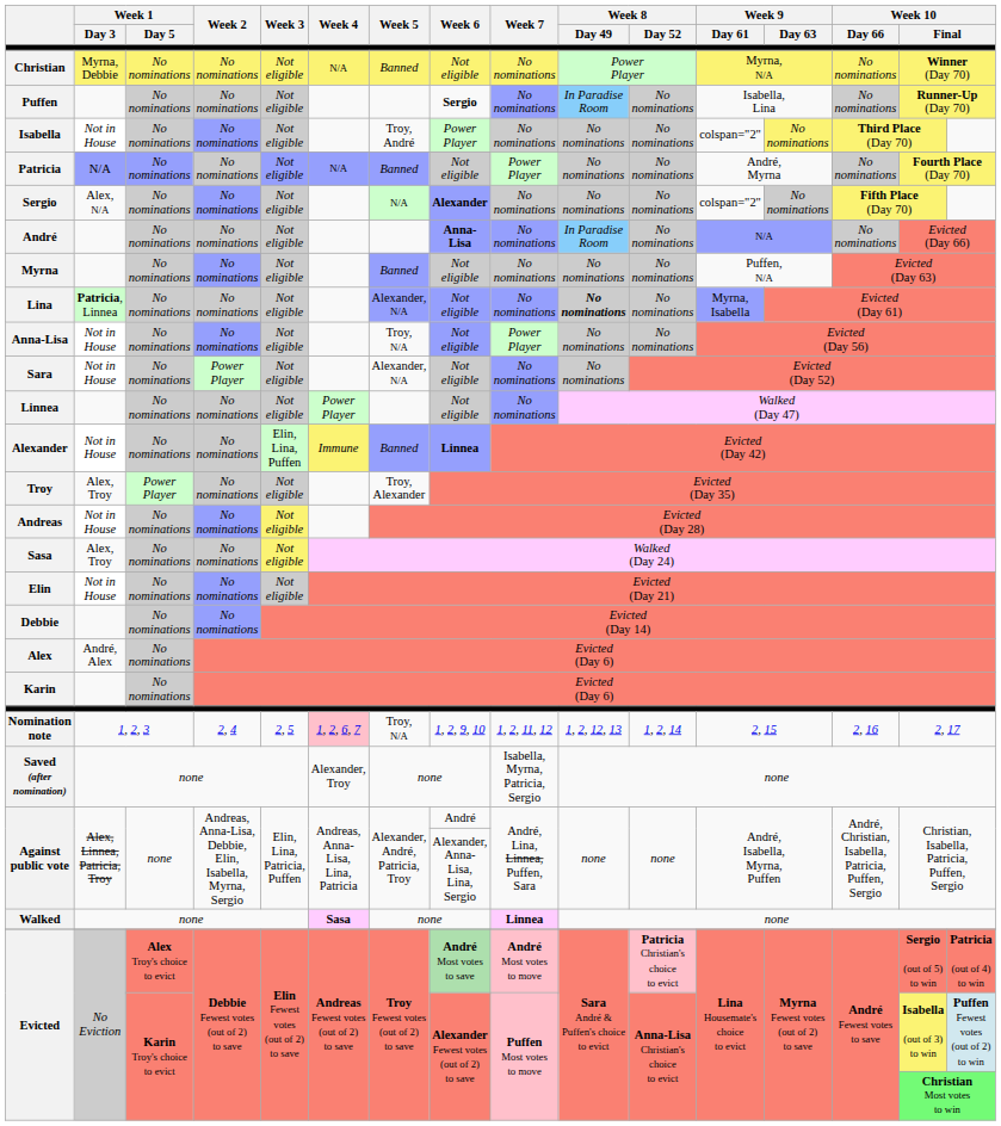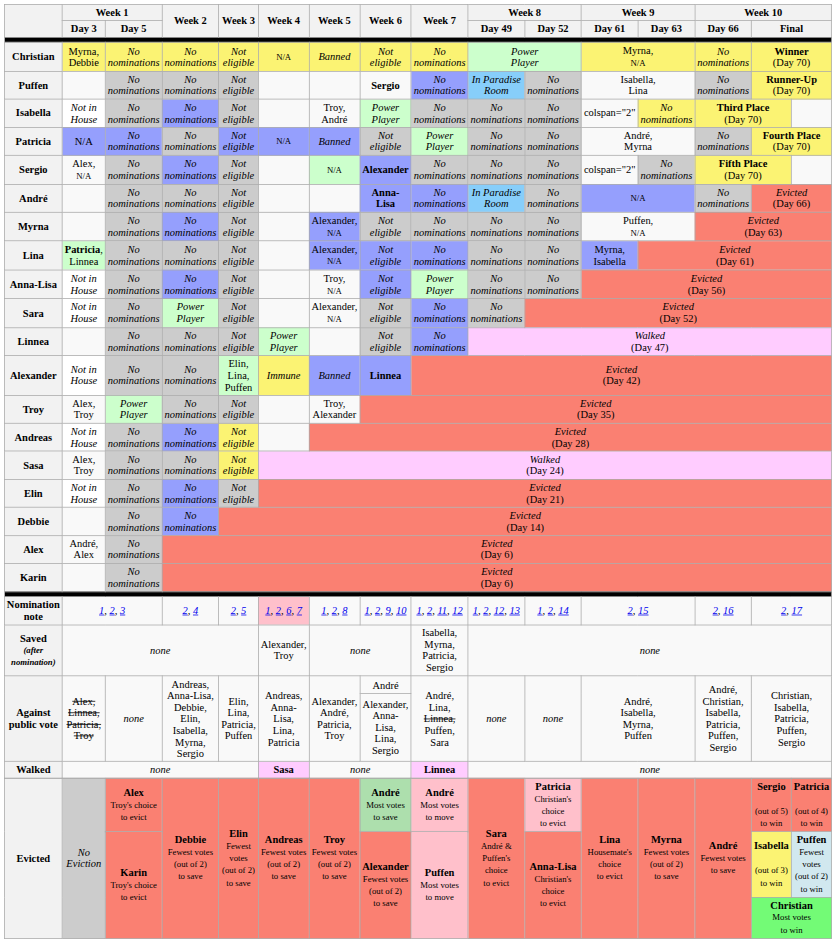 <table class="wikitable" style="text-align:center; font-size:85%; line-height:15px; width:100%">
 <tr>
 <th rowspan="2" style="width:5%"></th>
 <th colspan="2" style="width:5%">Week 1</th>
 <th rowspan="2" style="width:5%">Week 2</th>
 <th rowspan="2" style="width:5%">Week 3</th>
 <th rowspan="2" style="width:5%">Week 4</th>
 <th rowspan="2" style="width:5%">Week 5</th>
 <th rowspan="2" style="width:5%">Week 6</th>
 <th rowspan="2" style="width:5%">Week 7</th>
 <th colspan="2" style="width:5%">Week 8</th>
 <th colspan="2" style="width:5%">Week 9</th>
 <th colspan="3" style="width:5%">Week 10</th>
 </tr>
 <tr>
 <th style="width: 5%;">Day 3</th>
 <th style="width: 5%;">Day 5</th>
 <th style="width: 5%;">Day 49</th>
 <th style="width: 5%;">Day 52</th>
 <th style="width: 5%;">Day 61</th>
 <th style="width: 5%;">Day 63</th>
 <th style="width: 5%;">Day 66</th>
 <th colspan="2" style="width: 5%;">Final</th>
 </tr>
 <tr>
 <th colspan="16" style="background:#000"></th>
 </tr>
 <tr>
 <th>Christian</th>
 <td style="background:#FBF373">Myrna,<br>Debbie</td>
 <td style="background:#FBF373"><em>No<br>nominations</em></td>
 <td style="background:#FBF373"><em>No<br>nominations</em></td>
 <td style="background:#FBF373"><em>Not<br>eligible</em></td>
 <td style="background:#FBF373"><small>N/A</small></td>
 <td style="background:#FBF373"><em>Banned</em></td>
 <td style="background:#FBF373"><em>Not<br>eligible</em></td>
 <td style="background:#FBF373"><em>No<br>nominations</em></td>
 <td style="background:#cfc" colspan=2><em>Power<br>Player</em></td>
 <td style="background:#FBF373" colspan="2">Myrna,<br><small>N/A</small></td>
 <td style="background:#FBF373"><em>No<br>nominations</em></td>
 <td style="background:#FBF373" colspan="2"><strong>Winner</strong><br>(Day 70)</td>
 </tr>
 <tr>
 <th>Puffen</th>
 <td></td>
 <td style="background:#ccc"><em>No<br>nominations</em></td>
 <td style="background:#ccc"><em>No<br>nominations</em></td>
 <td style="background:#ccc"><em>Not<br>eligible</em></td>
 <td></td>
 <td></td>
 <td><strong>Sergio</strong></td>
 <td style="background:#959ffd"><em>No<br>nominations</em></td>
 <td style="background:#87CEFA"><em>In Paradise Room</em></td>
 <td style="background:#ccc"><em>No<br>nominations</em></td>
 <td colspan="2">Isabella,<br>Lina</td>
 <td style="background:#ccc"><em>No<br>nominations</em></td>
 <td style="background:#FBF373" colspan="2"><strong>Runner-Up</strong><br>(Day 70)</td>
 </tr>
 <tr>
 <th>Isabella</th>
 <td style=background:white><em>Not in<br>House</em></td>
 <td style="background:#ccc"><em>No<br>nominations</em></td>
 <td style="background:#959ffd"><em>No<br>nominations</em></td>
 <td style="background:#ccc"><em>Not<br>eligible</em></td>
 <td></td>
 <td>Troy,<br>André</td>
 <td style="background:#cfc"><em>Power<br>Player</em></td>
 <td style="background:#ccc"><em>No<br>nominations</em></td>
 <td style="background:#ccc"><em>No<br>nominations</em></td>
 <td style="background:#ccc"><em>No<br>nominations</em></td>
 <td>colspan="2" </td>
 <td style="background:#FBF373"><em>No<br>nominations</em></td>
 <td style="background:#FBF373" colspan="2"><strong>Third Place</strong><br>(Day 70)</td>
 </tr>
 <tr>
 <th>Patricia</th>
 <td style="background:#959ffd">N/A</td>
 <td style="background:#959ffd"><em>No<br>nominations</em></td>
 <td style="background:#CCCCCC"><em>No<br>nominations</em></td>
 <td style="background:#959ffd"><em>Not<br>eligible</em></td>
 <td style="background:#959ffd"><small>N/A</small></td>
 <td style="background:#959FFD"><em>Banned</em></td>
 <td style="background:#ccc"><em>Not<br>eligible</em></td>
 <td style="background:#cfc"><em>Power<br>Player</em></td>
 <td style="background:#ccc"><em>No<br>nominations</em></td>
 <td style="background:#ccc"><em>No<br>nominations</em></td>
 <td colspan="2">André,<br>Myrna</td>
 <td style="background:#ccc"><em>No<br>nominations</em></td>
 <td style="background:#FBF373" colspan="2"><strong>Fourth Place</strong><br>(Day 70)</td>
 </tr>
 <tr>
 <th>Sergio</th>
 <td>Alex,<br><small>N/A</small></td>
 <td style="background:#ccc"><em>No<br>nominations</em></td>
 <td style="background:#959ffd"><em>No<br>nominations</em></td>
 <td style="background:#ccc"><em>Not<br>eligible</em></td>
 <td></td>
 <td style="background:#cfc"><small>N/A</small></td>
 <td style="background:#959ffd"><strong>Alexander</strong></td>
 <td style="background:#ccc"><em>No<br>nominations</em></td>
 <td style="background:#ccc"><em>No<br>nominations</em></td>
 <td style="background:#ccc"><em>No<br>nominations</em></td>
 <td>colspan="2" </td>
 <td style="background:#ccc"><em>No<br>nominations</em></td>
 <td style="background:#FBF373" colspan="2"><strong>Fifth Place</strong><br>(Day 70)</td>
 </tr>
 <tr>
 <th>André</th>
 <td></td>
 <td style="background:#ccc"><em>No<br>nominations</em></td>
 <td style="background:#ccc"><em>No<br>nominations</em></td>
 <td style="background:#ccc"><em>Not<br>eligible</em></td>
 <td></td>
 <td></td>
 <td style="background:#959ffd"><strong>Anna-Lisa</strong></td>
 <td style="background:#959ffd"><em>No<br>nominations</em></td>
 <td style="background:#87CEFA"><em>In Paradise Room</em></td>
 <td style="background:#ccc"><em>No<br>nominations</em></td>
 <td style="background:#959FFD" colspan="2"><small>N/A</small></td>
 <td style="background:#ccc"><em>No<br>nominations</em></td>
 <td colspan="2" bgcolor="salmon"><em>Evicted</em><br>(Day 66)</td>
 </tr>
 <tr>
 <th>Myrna</th>
 <td></td>
 <td style="background:#ccc"><em>No<br>nominations</em></td>
 <td style="background:#959ffd"><em>No<br>nominations</em></td>
 <td style="background:#ccc"><em>Not<br>eligible</em></td>
 <td></td>
-<td style="background:#959FFD"><em>Banned</em></td>
+<td style="background:#959ffd">Alexander,<br><small>N/A</small></td>
 <td style="background:#ccc"><em>Not<br>eligible</em></td>
 <td style="background:#ccc"><em>No<br>nominations</em></td>
 <td style="background:#ccc"><em>No<br>nominations</em></td>
 <td style="background:#ccc"><em>No<br>nominations</em></td>
 <td colspan="2">Puffen,<br><small>N/A</small></td>
 <td colspan=3 bgcolor="salmon"><em>Evicted</em><br>(Day 63)</td>
 </tr>
 <tr>
 <th>Lina</th>
 <td style="background:#cfc"><strong>Patricia</strong>,<br>Linnea</td>
 <td style="background:#ccc"><em>No<br>nominations</em></td>
 <td style="background:#ccc"><em>No<br>nominations</em></td>
 <td style="background:#ccc"><em>Not<br>eligible</em></td>
 <td></td>
 <td style="background:#959ffd">Alexander,<br><small>N/A</small></td>
 <td style="background:#959ffd"><em>Not<br>eligible</em></td>
 <td style="background:#959ffd"><em>No<br>nominations</em></td>
-<td style="background:#ccc"><strong><em>No<br>nominations</em></strong></td>
+<td style="background:#ccc"><em>No<br>nominations</em></td>
 <td style="background:#ccc"><em>No<br>nominations</em></td>
 <td style="background:#959FFD">Myrna,<br>Isabella</td>
 <td colspan=4 bgcolor="salmon"><em>Evicted</em><br>(Day 61)</td>
 </tr>
 <tr>
 <th>Anna-Lisa</th>
 <td style=background:white><em>Not in<br>House</em></td>
 <td style="background:#ccc"><em>No<br>nominations</em></td>
 <td style="background:#959ffd"><em>No<br>nominations</em></td>
 <td style="background:#ccc"><em>Not<br>eligible</em></td>
 <td></td>
 <td>Troy,<br><small>N/A</small></td>
 <td style="background:#959ffd"><em>Not<br>eligible</em></td>
 <td style="background:#cfc"><em>Power<br>Player</em></td>
 <td style="background:#ccc"><em>No<br>nominations</em></td>
 <td style="background:#ccc"><em>No<br>nominations</em></td>
 <td colspan=5 bgcolor="salmon"><em>Evicted</em><br>(Day 56)</td>
 </tr>
 <tr>
 <th>Sara</th>
 <td style=background:white><em>Not in<br>House</em></td>
 <td style="background:#ccc"><em>No<br>nominations</em></td>
 <td style="background:#cfc"><em>Power<br>Player</em></td>
 <td style="background:#ccc"><em>Not<br>eligible</em></td>
 <td></td>
 <td>Alexander,<br><small>N/A</small></td>
 <td style="background:#ccc"><em>Not<br>eligible</em></td>
 <td style="background:#959ffd"><em>No<br>nominations</em></td>
 <td style="background:#ccc"><em>No<br>nominations</em></td>
 <td colspan=6 bgcolor="salmon"><em>Evicted</em><br>(Day 52)</td>
 </tr>
 <tr>
 <th>Linnea</th>
 <td></td>
 <td style="background:#ccc"><em>No<br>nominations</em></td>
 <td style="background:#ccc"><em>No<br>nominations</em></td>
 <td style="background:#ccc"><em>Not<br>eligible</em></td>
 <td style="background:#cfc"><em>Power<br>Player</em></td>
 <td></td>
 <td style="background:#ccc"><em>Not<br>eligible</em></td>
 <td style="background:#959ffd"><em>No<br>nominations</em></td>
 <td colspan="7" style="background:#fcf"><em>Walked</em><br>(Day 47)</td>
 </tr>
 <tr>
 <th>Alexander</th>
 <td style=background:white><em>Not in<br>House</em></td>
 <td style="background:#ccc"><em>No<br>nominations</em></td>
 <td style="background:#ccc"><em>No<br>nominations</em></td>
 <td style="background:#cfc">Elin,<br>Lina,<br>Puffen</td>
 <td style="background:#FBF373"><em>Immune</em></td>
 <td style="background:#959FFD"><em>Banned</em></td>
 <td style="background:#959ffd"><strong>Linnea</strong></td>
 <td colspan=8 bgcolor="salmon"><em>Evicted</em><br>(Day 42)</td>
 </tr>
 <tr>
 <th>Troy</th>
 <td>Alex,<br>Troy</td>
 <td style="background:#cfc"><em>Power<br>Player</em></td>
 <td style="background:#ccc"><em>No<br>nominations</em></td>
 <td style="background:#ccc"><em>Not<br>eligible</em></td>
 <td></td>
 <td>Troy,<br>Alexander</td>
 <td colspan="9" bgcolor="salmon"><em>Evicted</em><br>(Day 35)</td>
 </tr>
 <tr>
 <th>Andreas</th>
 <td style=background:white><em>Not in<br>House</em></td>
 <td style="background:#ccc"><em>No<br>nominations</em></td>
 <td style="background:#959ffd"><em>No<br>nominations</em></td>
 <td style="background:#FBF373"><em>Not<br>eligible</em></td>
 <td></td>
 <td colspan="10" bgcolor="salmon"><em>Evicted</em><br>(Day 28)</td>
 </tr>
 <tr>
 <th>Sasa</th>
 <td>Alex,<br>Troy</td>
 <td style="background:#ccc"><em>No<br>nominations</em></td>
 <td style="background:#ccc"><em>No<br>nominations</em></td>
 <td style="background:#FBF373"><em>Not<br>eligible</em></td>
 <td colspan="11" style="background:#fcf"><em>Walked</em><br>(Day 24)</td>
 </tr>
 <tr>
 <th>Elin</th>
 <td style=background:white><em>Not in<br>House</em></td>
 <td style="background:#ccc"><em>No<br>nominations</em></td>
 <td style="background:#959ffd"><em>No<br>nominations</em></td>
 <td style="background:#ccc"><em>Not<br>eligible</em></td>
 <td colspan="11" bgcolor="salmon"><em>Evicted</em><br>(Day 21)</td>
 </tr>
 <tr>
 <th>Debbie</th>
 <td></td>
 <td style="background:#ccc"><em>No<br>nominations</em></td>
 <td style="background:#959ffd"><em>No<br>nominations</em></td>
 <td colspan="12" bgcolor="salmon"><em>Evicted</em><br>(Day 14)</td>
 </tr>
 <tr>
 <th>Alex</th>
 <td>André,<br>Alex</td>
 <td style="background:#ccc"><em>No<br>nominations</em></td>
 <td colspan="13" bgcolor="salmon"><em>Evicted</em><br>(Day 6)</td>
 </tr>
 <tr>
 <th>Karin</th>
 <td></td>
 <td style="background:#ccc"><em>No<br>nominations</em></td>
 <td colspan="13" bgcolor="salmon"><em>Evicted</em><br>(Day 6)</td>
 </tr>
 <tr>
 <th colspan="16" style="background:#000"></th>
 </tr>
 <tr>
 <th>Nomination<br>note</th>
 <td colspan=2><em><a href='#'>1</a>, <a href='#'>2</a>, <a href='#'>3</a></em></td>
 <td><em><a href='#'>2</a>, <a href='#'>4</a></em></td>
 <td><em><a href='#'>2</a>, <a href='#'>5</a></em></td>
 <td style="background: pink;"><em><a href='#'>1</a>, <a href='#'>2</a>, <a href='#'>6</a>, <a href='#'>7</a></em></td>
-<td>Troy,<br><small>N/A</small></td>
+<td><em><a href='#'>1</a>, <a href='#'>2</a>, <a href='#'>8</a></em></td>
 <td><em><a href='#'>1</a>, <a href='#'>2</a>, <a href='#'>9</a>, <a href='#'>10</a></em></td>
 <td><em><a href='#'>1</a>, <a href='#'>2</a>, <a href='#'>11</a>, <a href='#'>12</a></em></td>
 <td><em><a href='#'>1</a>, <a href='#'>2</a>, <a href='#'>12</a>, <a href='#'>13</a></em></td>
 <td><em><a href='#'>1</a>, <a href='#'>2</a>, <a href='#'>14</a></em></td>
 <td colspan=2><em><a href='#'>2</a>, <a href='#'>15</a></em></td>
 <td><em><a href='#'>2</a>, <a href='#'>16</a></em></td>
 <td colspan=2><em><a href='#'>2</a>, <a href='#'>17</a></em></td>
 </tr>
 <tr>
 <th>Saved<br><small><em>(after nomination)</em></small></th>
 <td colspan="4"><em>none</em></td>
 <td>Alexander,<br>Troy</td>
 <td colspan="2"><em>none</em></td>
 <td>Isabella,<br>Myrna,<br>Patricia,<br>Sergio</td>
 <td colspan="7"><em>none</em></td>
 </tr>
 <tr>
 <th rowspan="2">Against<br>public vote</th>
 <td rowspan="2"><s>Alex,<br>Linnea,<br>Patricia,<br>Troy</s></td>
 <td rowspan="2"><em>none</em></td>
 <td rowspan="2">Andreas,<br>Anna-Lisa,<br>Debbie,<br>Elin,<br>Isabella,<br>Myrna,<br>Sergio</td>
 <td rowspan="2">Elin,<br>Lina,<br>Patricia,<br>Puffen</td>
 <td rowspan="2">Andreas,<br>Anna-Lisa,<br>Lina,<br>Patricia</td>
 <td rowspan="2">Alexander,<br>André,<br>Patricia,<br>Troy</td>
 <td>André</td>
 <td rowspan="2">André,<br>Lina,<br><s>Linnea,</s><br>Puffen,<br>Sara</td>
 <td rowspan="2"><em>none</em></td>
 <td rowspan="2"><em>none</em></td>
 <td rowspan="2" colspan="2">André,<br>Isabella,<br>Myrna,<br>Puffen</td>
 <td rowspan="2">André,<br>Christian,<br>Isabella,<br>Patricia,<br>Puffen,<br>Sergio</td>
 <td colspan="2" rowspan="2">Christian,<br>Isabella,<br>Patricia,<br>Puffen,<br>Sergio</td>
 </tr>
 <tr>
 <td>Alexander,<br>Anna-Lisa,<br>Lina,<br>Sergio</td>
 </tr>
 <tr>
 <th>Walked</th>
 <td colspan="4"><em>none</em></td>
 <td style="background:#fcf"><strong>Sasa</strong></td>
 <td colspan="2"><em>none</em></td>
 <td style="background:#fcf"><strong>Linnea</strong></td>
 <td colspan="7"><em>none</em></td>
 </tr>
 <tr>
 </tr>
 <tr>
 <th rowspan=4>Evicted</th>
 <td rowspan="4" style="background:#ccc"><em>No<br>Eviction</em></td>
 <td rowspan="2" style="background:salmon"><strong>Alex</strong><br><small>Troy's choice<br>to evict</small></td>
 <td rowspan="4" style="background:salmon"><strong>Debbie</strong><br><small>Fewest votes<br>(out of 2)<br>to save</small></td>
 <td rowspan="4" style="background:salmon"><strong>Elin</strong><br><small>Fewest votes<br>(out of 2)<br>to save</small></td>
 <td rowspan="4" style="background:salmon"><strong>Andreas</strong><br><small>Fewest votes<br>(out of 2)<br>to save</small></td>
 <td rowspan="4" style="background:salmon"><strong>Troy</strong><br><small>Fewest votes<br>(out of 2)<br>to save</small></td>
 <td rowspan="2" style="background:#addfad"><strong>André</strong><br><small>Most votes<br>to save</small></td>
 <td rowspan="2" style="background:#FFC0CB"><strong>André</strong><br><small>Most votes<br>to move</small></td>
 <td rowspan="4" style="background:salmon"><strong>Sara</strong><br><small>André & Puffen's choice<br>to evict</small></td>
 <td rowspan="2" style="background:#FFC0CB"><strong>Patricia</strong><br><small>Christian's choice<br>to evict</small></td>
 <td rowspan="4" style="background:salmon"><strong>Lina</strong><br><small>Housemate's choice<br>to evict</small></td>
 <td rowspan="4" style="background:salmon"><strong>Myrna</strong><br><small>Fewest votes<br>(out of 2)<br>to save</small></td>
 <td rowspan="4" style="background:salmon"><strong>André</strong><br><small>Fewest votes<br>to save</small></td>
 <td style="background:salmon;"><strong>Sergio</strong><br><small><br>(out of 5)<br>to win</small></td>
 <td style="background:salmon;"><strong>Patricia</strong><br><small><br>(out of 4)<br>to win</small></td>
 </tr>
 <tr>
 <td rowspan="2" style="background:#FBF373;"><strong>Isabella</strong><br><small><br>(out of 3)<br>to win</small></td>
 <td rowspan="2" style="background:#D1E8EF;"><strong>Puffen</strong><br><small>Fewest votes<br>(out of 2)<br>to win</small></td>
 </tr>
 <tr>
 <td rowspan="2" style="background:salmon"><strong>Karin</strong><br><small>Troy's choice<br>to evict</small></td>
 <td rowspan="2" style="background:salmon"><strong>Alexander</strong><br><small>Fewest votes<br>(out of 2)<br>to save</small></td>
 <td rowspan="2" style="background:#FFC0CB"><strong>Puffen</strong><br><small>Most votes<br>to move</small></td>
 <td rowspan="2" style="background:salmon"><strong>Anna-Lisa</strong><br><small>Christian's choice<br>to evict</small></td>
 </tr>
 <tr>
 <td colspan="2" style="background:#73FB76;"><strong>Christian</strong><br><small>Most votes<br>to win</small></td>
 </tr>
 </table>
